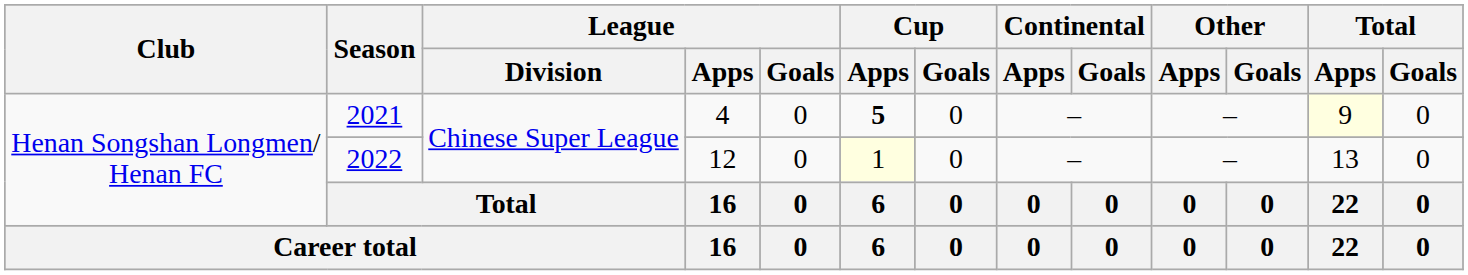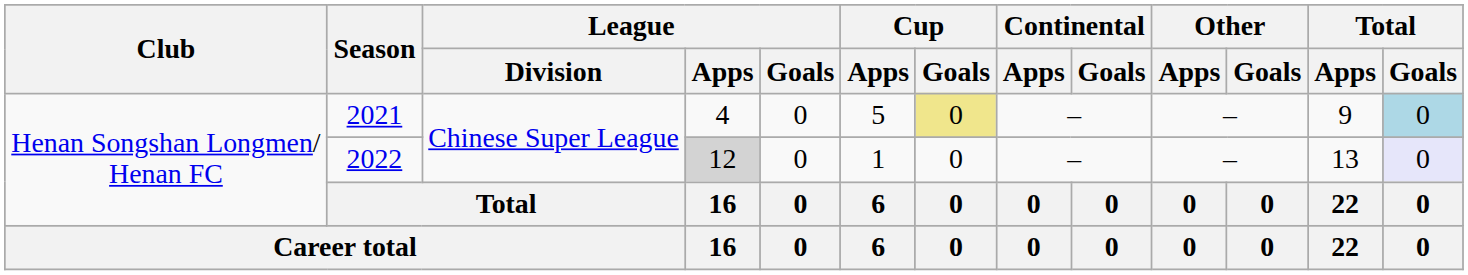 <table class="wikitable" style="text-align: center">
 <tr>
 <th rowspan="2">Club</th>
 <th rowspan="2">Season</th>
 <th colspan="3">League</th>
 <th colspan="2">Cup</th>
 <th colspan="2">Continental</th>
 <th colspan="2">Other</th>
 <th colspan="2">Total</th>
 </tr>
 <tr>
 <th>Division</th>
 <th>Apps</th>
 <th>Goals</th>
 <th>Apps</th>
 <th>Goals</th>
 <th>Apps</th>
 <th>Goals</th>
 <th>Apps</th>
 <th>Goals</th>
 <th>Apps</th>
 <th>Goals</th>
 </tr>
 <tr>
 <td rowspan=3><a href='#'>Henan Songshan Longmen</a>/<br><a href='#'>Henan FC</a></td>
 <td><a href='#'>2021</a></td>
 <td rowspan=2><a href='#'>Chinese Super League</a></td>
 <td>4</td>
 <td>0</td>
-<td><strong>5</strong></td>
-<td>0</td>
+<td>5</td>
+<td style="background: khaki;">0</td>
 <td colspan="2">–</td>
 <td colspan="2">–</td>
-<td style="background: lightyellow;">9</td>
-<td>0</td>
+<td>9</td>
+<td style="background: lightblue;">0</td>
 </tr>
 <tr>
 <td><a href='#'>2022</a></td>
-<td>12</td>
+<td style="background: lightgrey;">12</td>
 <td>0</td>
-<td style="background: lightyellow;">1</td>
+<td>1</td>
 <td>0</td>
 <td colspan="2">–</td>
 <td colspan="2">–</td>
 <td>13</td>
-<td>0</td>
+<td style="background: lavender;">0</td>
 </tr>
 <tr>
 <th colspan="2">Total</th>
 <th>16</th>
 <th>0</th>
 <th>6</th>
 <th>0</th>
 <th>0</th>
 <th>0</th>
 <th>0</th>
 <th>0</th>
 <th>22</th>
 <th>0</th>
 </tr>
 <tr>
 <th colspan=3>Career total</th>
 <th>16</th>
 <th>0</th>
 <th>6</th>
 <th>0</th>
 <th>0</th>
 <th>0</th>
 <th>0</th>
 <th>0</th>
 <th>22</th>
 <th>0</th>
 </tr>
 </table>
